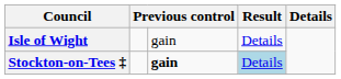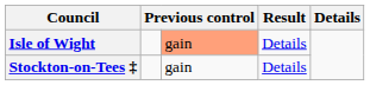 <table class="wikitable sortable" border="1">
 <tr>
 <th scope="col">Council</th>
 <th colspan=2>Previous control</th>
 <th colspan=2>Result</th>
 <th class="unsortable" scope="col">Details</th>
 </tr>
 <tr>
 <th scope="row" style="text-align: left;"><a href='#'>Isle of Wight</a></th>
 <td></td>
-<td> gain</td>
+<td style="background: lightsalmon;"> gain</td>
 <td><a href='#'>Details</a></td>
 </tr>
 <tr>
 <th scope="row" style="text-align: left;"><a href='#'>Stockton-on-Tees</a> ‡</th>
 <td></td>
-<td><strong> gain</strong></td>
-<td style="background: lightblue;"><a href='#'>Details</a></td>
+<td> gain</td>
+<td><a href='#'>Details</a></td>
 </tr>
 </table>
